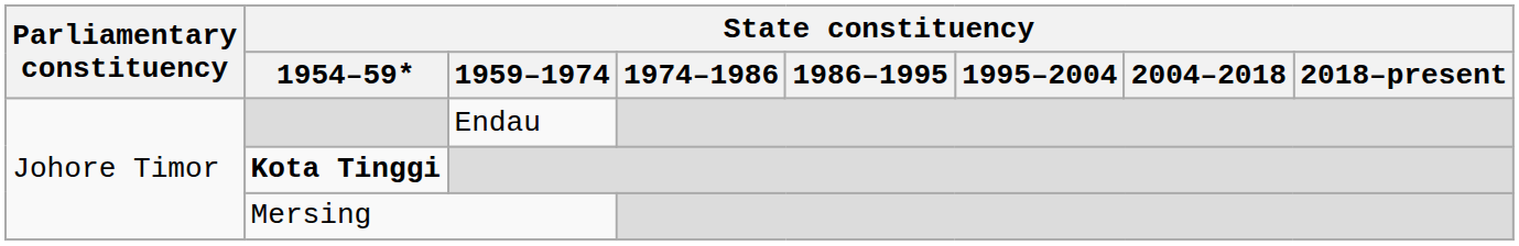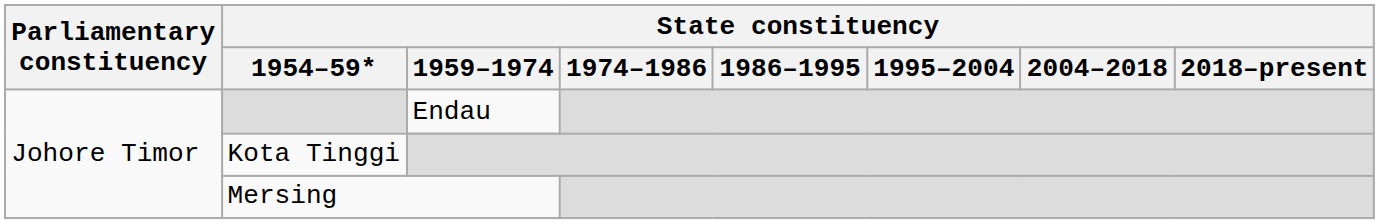 <table class="wikitable">
 <tr>
 <th rowspan="2">Parliamentary<br>constituency</th>
 <th colspan="7">State constituency</th>
 </tr>
 <tr>
 <th>1954–59*</th>
 <th>1959–1974</th>
 <th>1974–1986</th>
 <th>1986–1995</th>
 <th>1995–2004</th>
 <th>2004–2018</th>
 <th>2018–present</th>
 </tr>
 <tr>
 <td rowspan="3">Johore Timor</td>
 <td bgcolor="dcdcdc"></td>
 <td>Endau</td>
 <td colspan="5" bgcolor="dcdcdc"></td>
 </tr>
 <tr>
-<td><strong>Kota Tinggi</strong></td>
+<td>Kota Tinggi</td>
 <td colspan="6" bgcolor="dcdcdc"></td>
 </tr>
 <tr>
 <td colspan="2">Mersing</td>
 <td colspan="5" bgcolor="dcdcdc"></td>
 </tr>
 </table>
